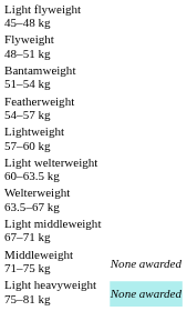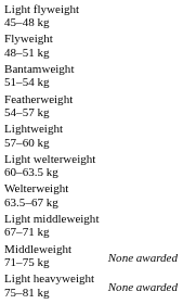 <table>
 <tr>
 <td rowspan=2>Light flyweight<br>45–48 kg</td>
 <td rowspan=2></td>
 <td rowspan=2></td>
 <td></td>
 </tr>
 <tr>
 <td></td>
 </tr>
 <tr>
 <td rowspan=2>Flyweight<br>48–51 kg</td>
 <td rowspan=2></td>
 <td rowspan=2></td>
 <td></td>
 </tr>
 <tr>
 <td></td>
 </tr>
 <tr>
 <td rowspan=2>Bantamweight<br>51–54 kg</td>
 <td rowspan=2></td>
 <td rowspan=2></td>
 <td></td>
 </tr>
 <tr>
 <td></td>
 </tr>
 <tr>
 <td rowspan=2>Featherweight<br>54–57 kg</td>
 <td rowspan=2></td>
 <td rowspan=2></td>
 <td></td>
 </tr>
 <tr>
 <td></td>
 </tr>
 <tr>
 <td rowspan=2>Lightweight<br>57–60 kg</td>
 <td rowspan=2></td>
 <td rowspan=2></td>
 <td></td>
 </tr>
 <tr>
 <td></td>
 </tr>
 <tr>
 <td rowspan=2>Light welterweight<br>60–63.5 kg</td>
 <td rowspan=2></td>
 <td rowspan=2></td>
 <td></td>
 </tr>
 <tr>
 <td></td>
 </tr>
 <tr>
 <td rowspan=2>Welterweight<br>63.5–67 kg</td>
 <td rowspan=2></td>
 <td rowspan=2></td>
 <td></td>
 </tr>
 <tr>
 <td></td>
 </tr>
 <tr>
 <td rowspan=2>Light middleweight<br>67–71 kg</td>
 <td rowspan=2></td>
 <td rowspan=2></td>
 <td></td>
 </tr>
 <tr>
 <td></td>
 </tr>
 <tr>
 <td rowspan=2>Middleweight<br>71–75 kg</td>
 <td rowspan=2></td>
 <td rowspan=2></td>
 <td></td>
 </tr>
 <tr>
 <td><em>None awarded</em></td>
 </tr>
 <tr>
 <td rowspan=2>Light heavyweight<br>75–81 kg</td>
 <td rowspan=2></td>
 <td rowspan=2></td>
 <td></td>
 </tr>
 <tr>
-<td style="background: paleturquoise;"><em>None awarded</em></td>
+<td><em>None awarded</em></td>
 </tr>
 </table>
